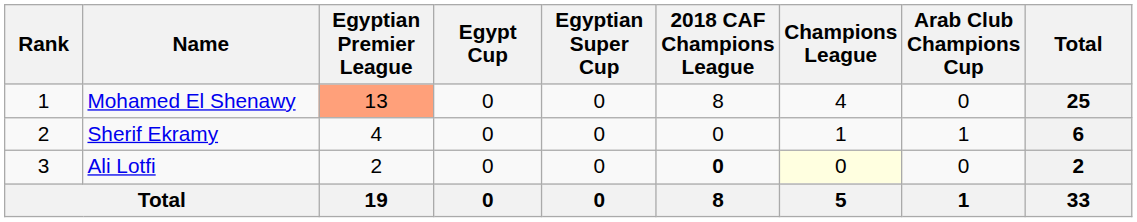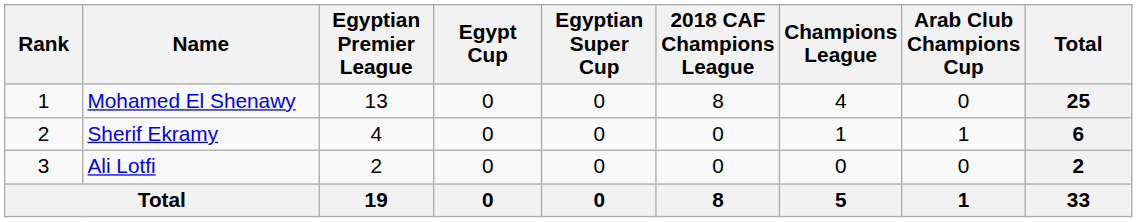 <table class=wikitable style="text-align:center">
 <tr>
 <th style=width:56px;>Rank</th>
 <th style=width:200px;>Name</th>
 <th style=width:84px;>Egyptian Premier League</th>
 <th style=width:84px;>Egypt Cup</th>
 <th style=width:84px;>Egyptian Super Cup</th>
 <th style=width:84px;>2018 CAF Champions League</th>
 <th style=width:84px;> Champions League</th>
 <th style=width:84px;>Arab Club Champions Cup</th>
 <th style=width:84px;>Total</th>
 </tr>
 <tr>
 <td>1</td>
 <td align=left> <a href='#'>Mohamed El Shenawy</a></td>
-<td style="background: lightsalmon;">13</td>
+<td>13</td>
 <td>0</td>
 <td>0</td>
 <td>8</td>
 <td>4</td>
 <td>0</td>
 <th>25</th>
 </tr>
 <tr>
 <td>2</td>
 <td align=left> <a href='#'>Sherif Ekramy</a></td>
 <td>4</td>
 <td>0</td>
 <td>0</td>
 <td>0</td>
 <td>1</td>
 <td>1</td>
 <th>6</th>
 </tr>
 <tr>
 <td>3</td>
 <td align=left> <a href='#'>Ali Lotfi</a></td>
 <td>2</td>
 <td>0</td>
 <td>0</td>
-<td><strong>0</strong></td>
-<td style="background: lightyellow;">0</td>
+<td>0</td>
+<td>0</td>
 <td>0</td>
 <th>2</th>
 </tr>
 <tr>
 <th colspan=2>Total</th>
 <th>19</th>
 <th>0</th>
 <th>0</th>
 <th>8</th>
 <th>5</th>
 <th>1</th>
 <th>33</th>
 </tr>
 </table>
